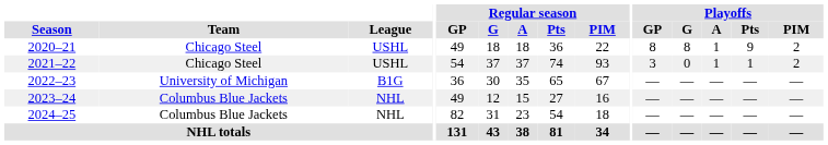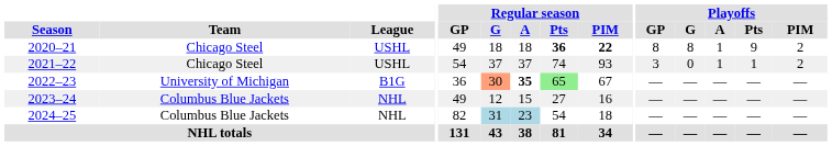 <table border="0" cellpadding="1" cellspacing="0" style="text-align:center; width:60em">
 <tr bgcolor="#e0e0e0">
 <th colspan="3" bgcolor="#ffffff"></th>
 <th rowspan="100" bgcolor="#ffffff"></th>
 <th colspan="5"><a href='#'>Regular season</a></th>
 <th rowspan="100" bgcolor="#ffffff"></th>
 <th colspan="5"><a href='#'>Playoffs</a></th>
 </tr>
 <tr bgcolor="#e0e0e0">
 <th><a href='#'>Season</a></th>
 <th>Team</th>
 <th>League</th>
 <th>GP</th>
 <th><a href='#'>G</a></th>
 <th><a href='#'>A</a></th>
 <th><a href='#'>Pts</a></th>
 <th><a href='#'>PIM</a></th>
 <th>GP</th>
 <th>G</th>
 <th>A</th>
 <th>Pts</th>
 <th>PIM</th>
 </tr>
 <tr>
 <td><a href='#'>2020–21</a></td>
 <td><a href='#'>Chicago Steel</a></td>
 <td><a href='#'>USHL</a></td>
 <td>49</td>
 <td>18</td>
 <td>18</td>
-<td>36</td>
-<td>22</td>
+<td><strong>36</strong></td>
+<td><strong>22</strong></td>
 <td>8</td>
 <td>8</td>
 <td>1</td>
 <td>9</td>
 <td>2</td>
 </tr>
 <tr bgcolor="#f0f0f0">
 <td><a href='#'>2021–22</a></td>
 <td>Chicago Steel</td>
 <td>USHL</td>
 <td>54</td>
 <td>37</td>
 <td>37</td>
 <td>74</td>
 <td>93</td>
 <td>3</td>
 <td>0</td>
 <td>1</td>
 <td>1</td>
 <td>2</td>
 </tr>
 <tr>
 <td><a href='#'>2022–23</a></td>
 <td><a href='#'>University of Michigan</a></td>
 <td><a href='#'>B1G</a></td>
 <td>36</td>
-<td>30</td>
-<td>35</td>
-<td>65</td>
+<td style="background: lightsalmon;">30</td>
+<td><strong>35</strong></td>
+<td style="background: lightgreen;">65</td>
 <td>67</td>
 <td>—</td>
 <td>—</td>
 <td>—</td>
 <td>—</td>
 <td>—</td>
 </tr>
 <tr bgcolor="#f0f0f0">
 <td><a href='#'>2023–24</a></td>
 <td><a href='#'>Columbus Blue Jackets</a></td>
 <td><a href='#'>NHL</a></td>
 <td>49</td>
 <td>12</td>
 <td>15</td>
 <td>27</td>
 <td>16</td>
 <td>—</td>
 <td>—</td>
 <td>—</td>
 <td>—</td>
 <td>—</td>
 </tr>
 <tr>
 <td><a href='#'>2024–25</a></td>
 <td>Columbus Blue Jackets</td>
 <td>NHL</td>
 <td>82</td>
-<td>31</td>
-<td>23</td>
+<td style="background: lightblue;">31</td>
+<td style="background: lightblue;">23</td>
 <td>54</td>
 <td>18</td>
 <td>—</td>
 <td>—</td>
 <td>—</td>
 <td>—</td>
 <td>—</td>
 </tr>
 <tr bgcolor="#e0e0e0">
 <th colspan="3">NHL totals</th>
 <th>131</th>
 <th>43</th>
 <th>38</th>
 <th>81</th>
 <th>34</th>
 <th>—</th>
 <th>—</th>
 <th>—</th>
 <th>—</th>
 <th>—</th>
 </tr>
 </table>
